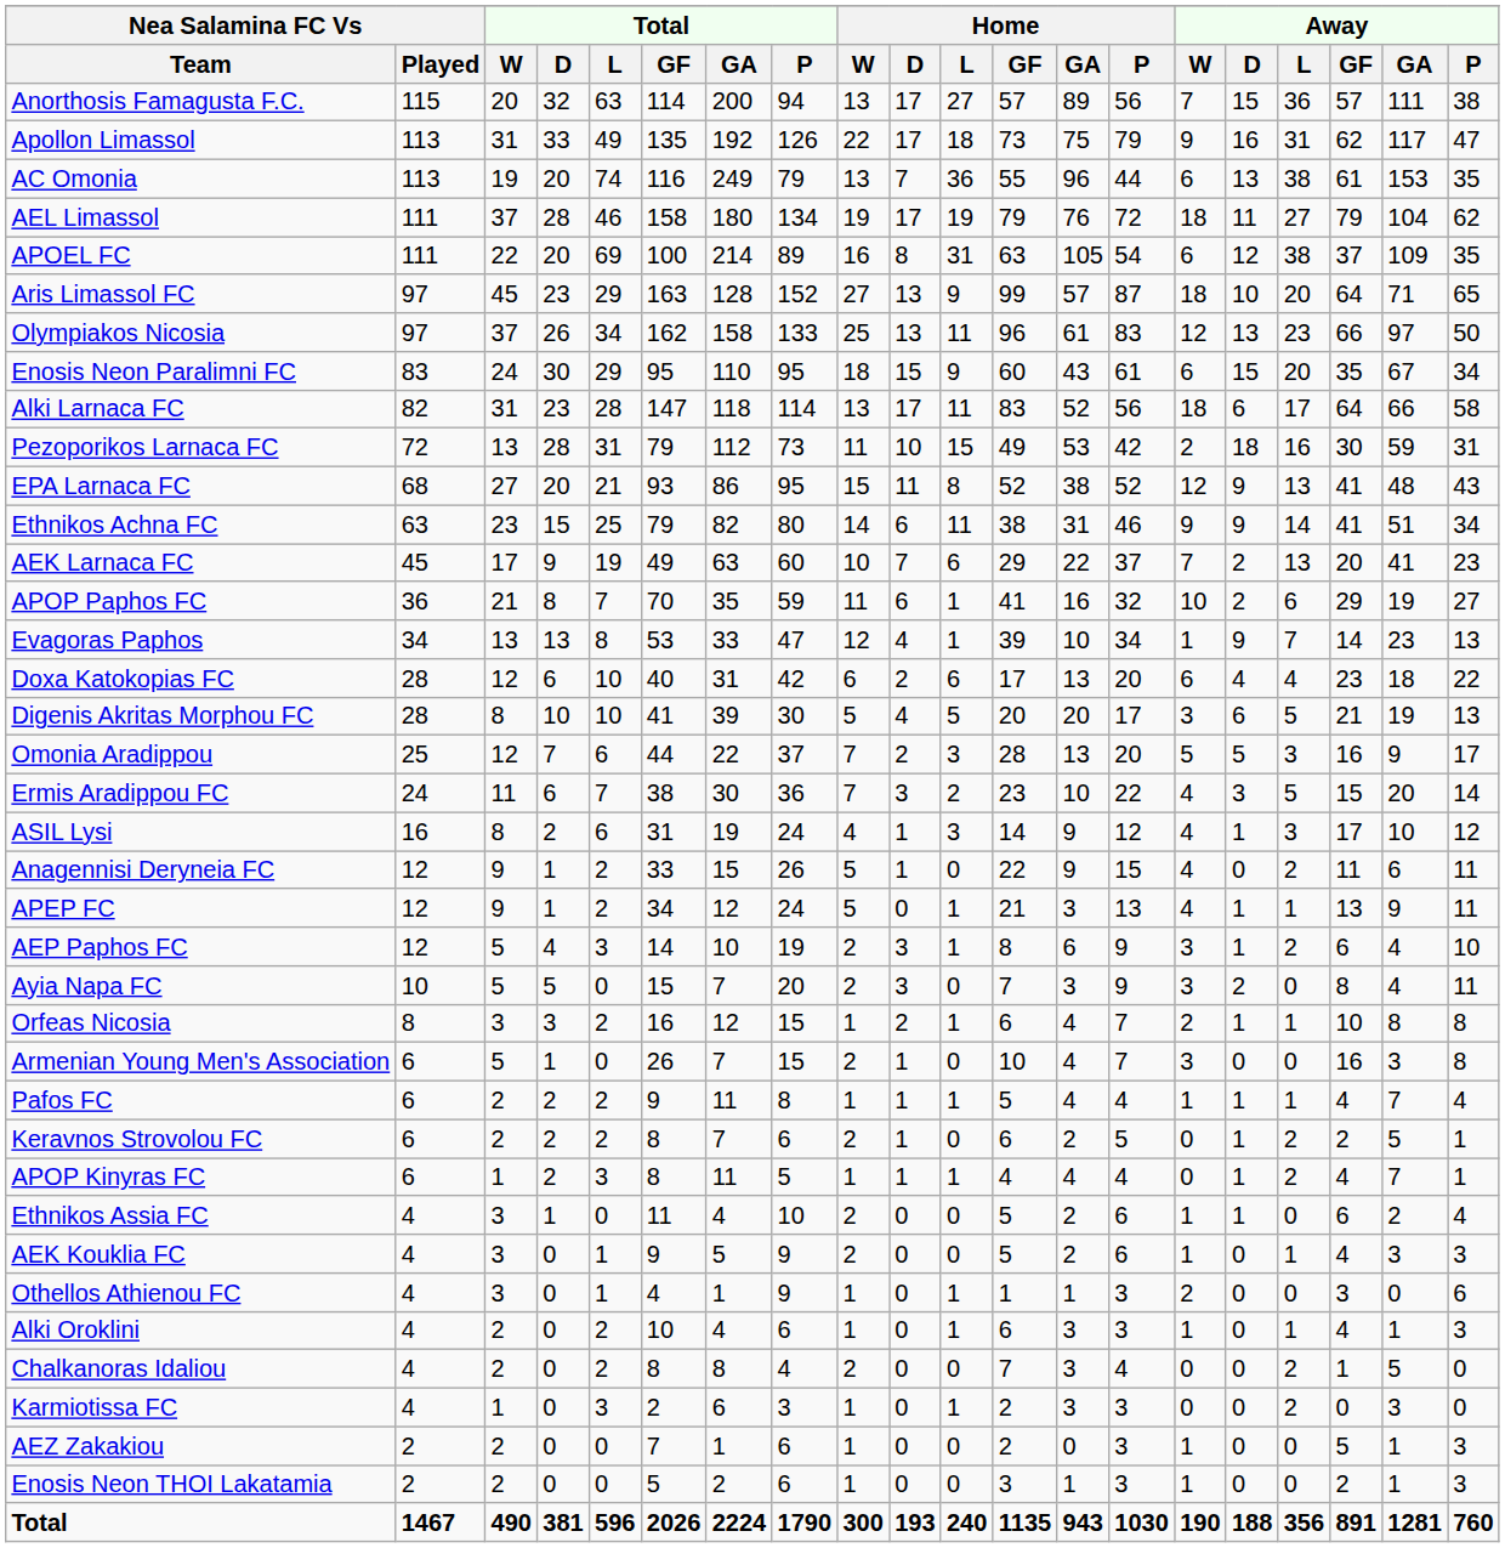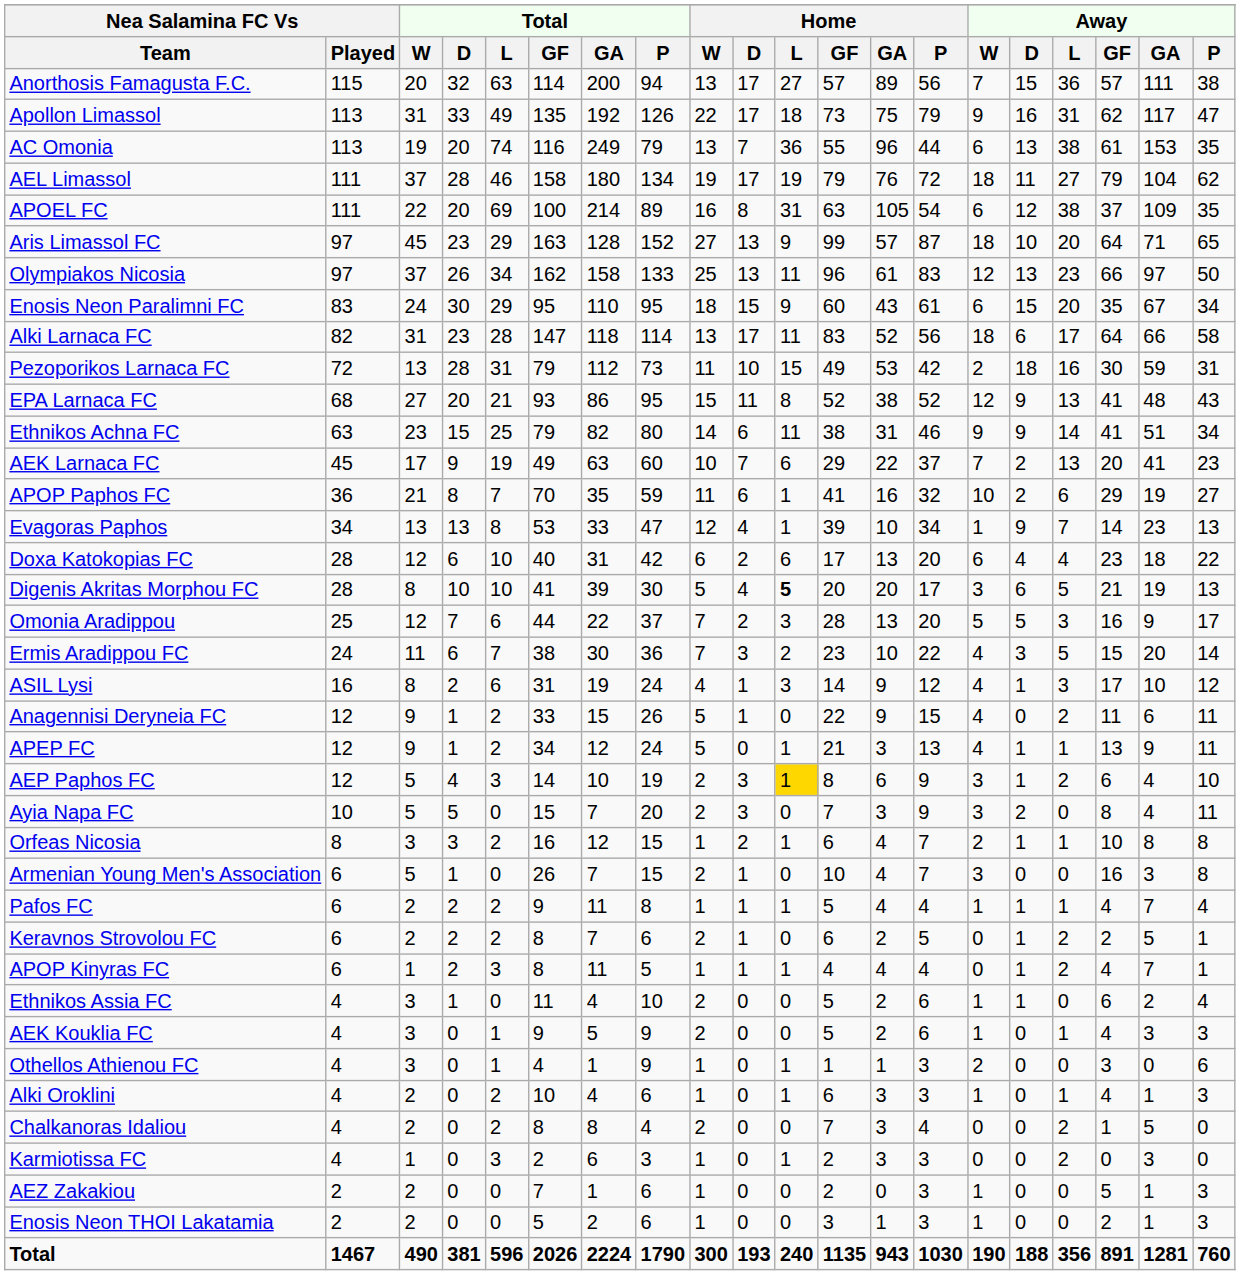 <table class="wikitable sortable" style="font-size:90%">
 <tr bgcolour=#afafaf;>
 </tr>
 <tr>
 <th colspan=2><strong>Nea Salamina FC</strong> Vs</th>
 <th style="background:#f0fff0" colspan=6>Total</th>
 <th colspan=6>Home</th>
 <th style="background:#f0fff0" colspan=6>Away</th>
 </tr>
 <tr>
 <th>Team</th>
 <th>Played</th>
 <th><span>W</span></th>
 <th><span>D</span></th>
 <th><span>L</span></th>
 <th><span>GF</span></th>
 <th><span>GA</span></th>
 <th><span>P</span></th>
 <th><span>W</span></th>
 <th><span>D</span></th>
 <th><span>L</span></th>
 <th><span>GF</span></th>
 <th><span>GA</span></th>
 <th><span>P</span></th>
 <th><span>W</span></th>
 <th><span>D</span></th>
 <th><span>L</span></th>
 <th><span>GF</span></th>
 <th><span>GA</span></th>
 <th><span>P</span></th>
 </tr>
 <tr>
 <td><a href='#'>Anorthosis Famagusta F.C.</a></td>
 <td>115</td>
 <td>20</td>
 <td>32</td>
 <td>63</td>
 <td>114</td>
 <td>200</td>
 <td>94</td>
 <td>13</td>
 <td>17</td>
 <td>27</td>
 <td>57</td>
 <td>89</td>
 <td>56</td>
 <td>7</td>
 <td>15</td>
 <td>36</td>
 <td>57</td>
 <td>111</td>
 <td>38</td>
 </tr>
 <tr>
 <td><a href='#'>Apollon Limassol</a></td>
 <td>113</td>
 <td>31</td>
 <td>33</td>
 <td>49</td>
 <td>135</td>
 <td>192</td>
 <td>126</td>
 <td>22</td>
 <td>17</td>
 <td>18</td>
 <td>73</td>
 <td>75</td>
 <td>79</td>
 <td>9</td>
 <td>16</td>
 <td>31</td>
 <td>62</td>
 <td>117</td>
 <td>47</td>
 </tr>
 <tr>
 <td><a href='#'>AC Omonia</a></td>
 <td>113</td>
 <td>19</td>
 <td>20</td>
 <td>74</td>
 <td>116</td>
 <td>249</td>
 <td>79</td>
 <td>13</td>
 <td>7</td>
 <td>36</td>
 <td>55</td>
 <td>96</td>
 <td>44</td>
 <td>6</td>
 <td>13</td>
 <td>38</td>
 <td>61</td>
 <td>153</td>
 <td>35</td>
 </tr>
 <tr>
 <td><a href='#'>AEL Limassol</a></td>
 <td>111</td>
 <td>37</td>
 <td>28</td>
 <td>46</td>
 <td>158</td>
 <td>180</td>
 <td>134</td>
 <td>19</td>
 <td>17</td>
 <td>19</td>
 <td>79</td>
 <td>76</td>
 <td>72</td>
 <td>18</td>
 <td>11</td>
 <td>27</td>
 <td>79</td>
 <td>104</td>
 <td>62</td>
 </tr>
 <tr>
 <td><a href='#'>APOEL FC</a></td>
 <td>111</td>
 <td>22</td>
 <td>20</td>
 <td>69</td>
 <td>100</td>
 <td>214</td>
 <td>89</td>
 <td>16</td>
 <td>8</td>
 <td>31</td>
 <td>63</td>
 <td>105</td>
 <td>54</td>
 <td>6</td>
 <td>12</td>
 <td>38</td>
 <td>37</td>
 <td>109</td>
 <td>35</td>
 </tr>
 <tr>
 <td><a href='#'>Aris Limassol FC</a></td>
 <td>97</td>
 <td>45</td>
 <td>23</td>
 <td>29</td>
 <td>163</td>
 <td>128</td>
 <td>152</td>
 <td>27</td>
 <td>13</td>
 <td>9</td>
 <td>99</td>
 <td>57</td>
 <td>87</td>
 <td>18</td>
 <td>10</td>
 <td>20</td>
 <td>64</td>
 <td>71</td>
 <td>65</td>
 </tr>
 <tr>
 <td><a href='#'>Olympiakos Nicosia</a></td>
 <td>97</td>
 <td>37</td>
 <td>26</td>
 <td>34</td>
 <td>162</td>
 <td>158</td>
 <td>133</td>
 <td>25</td>
 <td>13</td>
 <td>11</td>
 <td>96</td>
 <td>61</td>
 <td>83</td>
 <td>12</td>
 <td>13</td>
 <td>23</td>
 <td>66</td>
 <td>97</td>
 <td>50</td>
 </tr>
 <tr>
 <td><a href='#'>Enosis Neon Paralimni FC</a></td>
 <td>83</td>
 <td>24</td>
 <td>30</td>
 <td>29</td>
 <td>95</td>
 <td>110</td>
 <td>95</td>
 <td>18</td>
 <td>15</td>
 <td>9</td>
 <td>60</td>
 <td>43</td>
 <td>61</td>
 <td>6</td>
 <td>15</td>
 <td>20</td>
 <td>35</td>
 <td>67</td>
 <td>34</td>
 </tr>
 <tr>
 <td><a href='#'>Alki Larnaca FC</a></td>
 <td>82</td>
 <td>31</td>
 <td>23</td>
 <td>28</td>
 <td>147</td>
 <td>118</td>
 <td>114</td>
 <td>13</td>
 <td>17</td>
 <td>11</td>
 <td>83</td>
 <td>52</td>
 <td>56</td>
 <td>18</td>
 <td>6</td>
 <td>17</td>
 <td>64</td>
 <td>66</td>
 <td>58</td>
 </tr>
 <tr>
 <td><a href='#'>Pezoporikos Larnaca FC</a></td>
 <td>72</td>
 <td>13</td>
 <td>28</td>
 <td>31</td>
 <td>79</td>
 <td>112</td>
 <td>73</td>
 <td>11</td>
 <td>10</td>
 <td>15</td>
 <td>49</td>
 <td>53</td>
 <td>42</td>
 <td>2</td>
 <td>18</td>
 <td>16</td>
 <td>30</td>
 <td>59</td>
 <td>31</td>
 </tr>
 <tr>
 <td><a href='#'>EPA Larnaca FC</a></td>
 <td>68</td>
 <td>27</td>
 <td>20</td>
 <td>21</td>
 <td>93</td>
 <td>86</td>
 <td>95</td>
 <td>15</td>
 <td>11</td>
 <td>8</td>
 <td>52</td>
 <td>38</td>
 <td>52</td>
 <td>12</td>
 <td>9</td>
 <td>13</td>
 <td>41</td>
 <td>48</td>
 <td>43</td>
 </tr>
 <tr>
 <td><a href='#'>Ethnikos Achna FC</a></td>
 <td>63</td>
 <td>23</td>
 <td>15</td>
 <td>25</td>
 <td>79</td>
 <td>82</td>
 <td>80</td>
 <td>14</td>
 <td>6</td>
 <td>11</td>
 <td>38</td>
 <td>31</td>
 <td>46</td>
 <td>9</td>
 <td>9</td>
 <td>14</td>
 <td>41</td>
 <td>51</td>
 <td>34</td>
 </tr>
 <tr>
 <td><a href='#'>AEK Larnaca FC</a></td>
 <td>45</td>
 <td>17</td>
 <td>9</td>
 <td>19</td>
 <td>49</td>
 <td>63</td>
 <td>60</td>
 <td>10</td>
 <td>7</td>
 <td>6</td>
 <td>29</td>
 <td>22</td>
 <td>37</td>
 <td>7</td>
 <td>2</td>
 <td>13</td>
 <td>20</td>
 <td>41</td>
 <td>23</td>
 </tr>
 <tr>
 <td><a href='#'>APOP Paphos FC</a></td>
 <td>36</td>
 <td>21</td>
 <td>8</td>
 <td>7</td>
 <td>70</td>
 <td>35</td>
 <td>59</td>
 <td>11</td>
 <td>6</td>
 <td>1</td>
 <td>41</td>
 <td>16</td>
 <td>32</td>
 <td>10</td>
 <td>2</td>
 <td>6</td>
 <td>29</td>
 <td>19</td>
 <td>27</td>
 </tr>
 <tr>
 <td><a href='#'>Evagoras Paphos</a></td>
 <td>34</td>
 <td>13</td>
 <td>13</td>
 <td>8</td>
 <td>53</td>
 <td>33</td>
 <td>47</td>
 <td>12</td>
 <td>4</td>
 <td>1</td>
 <td>39</td>
 <td>10</td>
 <td>34</td>
 <td>1</td>
 <td>9</td>
 <td>7</td>
 <td>14</td>
 <td>23</td>
 <td>13</td>
 </tr>
 <tr>
 <td><a href='#'>Doxa Katokopias FC</a></td>
 <td>28</td>
 <td>12</td>
 <td>6</td>
 <td>10</td>
 <td>40</td>
 <td>31</td>
 <td>42</td>
 <td>6</td>
 <td>2</td>
 <td>6</td>
 <td>17</td>
 <td>13</td>
 <td>20</td>
 <td>6</td>
 <td>4</td>
 <td>4</td>
 <td>23</td>
 <td>18</td>
 <td>22</td>
 </tr>
 <tr>
 <td><a href='#'>Digenis Akritas Morphou FC</a></td>
 <td>28</td>
 <td>8</td>
 <td>10</td>
 <td>10</td>
 <td>41</td>
 <td>39</td>
 <td>30</td>
 <td>5</td>
 <td>4</td>
-<td>5</td>
+<td><strong>5</strong></td>
 <td>20</td>
 <td>20</td>
 <td>17</td>
 <td>3</td>
 <td>6</td>
 <td>5</td>
 <td>21</td>
 <td>19</td>
 <td>13</td>
 </tr>
 <tr>
 <td><a href='#'>Omonia Aradippou</a></td>
 <td>25</td>
 <td>12</td>
 <td>7</td>
 <td>6</td>
 <td>44</td>
 <td>22</td>
 <td>37</td>
 <td>7</td>
 <td>2</td>
 <td>3</td>
 <td>28</td>
 <td>13</td>
 <td>20</td>
 <td>5</td>
 <td>5</td>
 <td>3</td>
 <td>16</td>
 <td>9</td>
 <td>17</td>
 </tr>
 <tr>
 <td><a href='#'>Ermis Aradippou FC</a></td>
 <td>24</td>
 <td>11</td>
 <td>6</td>
 <td>7</td>
 <td>38</td>
 <td>30</td>
 <td>36</td>
 <td>7</td>
 <td>3</td>
 <td>2</td>
 <td>23</td>
 <td>10</td>
 <td>22</td>
 <td>4</td>
 <td>3</td>
 <td>5</td>
 <td>15</td>
 <td>20</td>
 <td>14</td>
 </tr>
 <tr>
 <td><a href='#'>ASIL Lysi</a></td>
 <td>16</td>
 <td>8</td>
 <td>2</td>
 <td>6</td>
 <td>31</td>
 <td>19</td>
 <td>24</td>
 <td>4</td>
 <td>1</td>
 <td>3</td>
 <td>14</td>
 <td>9</td>
 <td>12</td>
 <td>4</td>
 <td>1</td>
 <td>3</td>
 <td>17</td>
 <td>10</td>
 <td>12</td>
 </tr>
 <tr>
 <td><a href='#'>Anagennisi Deryneia FC</a></td>
 <td>12</td>
 <td>9</td>
 <td>1</td>
 <td>2</td>
 <td>33</td>
 <td>15</td>
 <td>26</td>
 <td>5</td>
 <td>1</td>
 <td>0</td>
 <td>22</td>
 <td>9</td>
 <td>15</td>
 <td>4</td>
 <td>0</td>
 <td>2</td>
 <td>11</td>
 <td>6</td>
 <td>11</td>
 </tr>
 <tr>
 <td><a href='#'>APEP FC</a></td>
 <td>12</td>
 <td>9</td>
 <td>1</td>
 <td>2</td>
 <td>34</td>
 <td>12</td>
 <td>24</td>
 <td>5</td>
 <td>0</td>
 <td>1</td>
 <td>21</td>
 <td>3</td>
 <td>13</td>
 <td>4</td>
 <td>1</td>
 <td>1</td>
 <td>13</td>
 <td>9</td>
 <td>11</td>
 </tr>
 <tr>
 <td><a href='#'>AEP Paphos FC</a></td>
 <td>12</td>
 <td>5</td>
 <td>4</td>
 <td>3</td>
 <td>14</td>
 <td>10</td>
 <td>19</td>
 <td>2</td>
 <td>3</td>
-<td>1</td>
+<td style="background: gold;">1</td>
 <td>8</td>
 <td>6</td>
 <td>9</td>
 <td>3</td>
 <td>1</td>
 <td>2</td>
 <td>6</td>
 <td>4</td>
 <td>10</td>
 </tr>
 <tr>
 <td><a href='#'>Ayia Napa FC</a></td>
 <td>10</td>
 <td>5</td>
 <td>5</td>
 <td>0</td>
 <td>15</td>
 <td>7</td>
 <td>20</td>
 <td>2</td>
 <td>3</td>
 <td>0</td>
 <td>7</td>
 <td>3</td>
 <td>9</td>
 <td>3</td>
 <td>2</td>
 <td>0</td>
 <td>8</td>
 <td>4</td>
 <td>11</td>
 </tr>
 <tr>
 <td><a href='#'>Orfeas Nicosia</a></td>
 <td>8</td>
 <td>3</td>
 <td>3</td>
 <td>2</td>
 <td>16</td>
 <td>12</td>
 <td>15</td>
 <td>1</td>
 <td>2</td>
 <td>1</td>
 <td>6</td>
 <td>4</td>
 <td>7</td>
 <td>2</td>
 <td>1</td>
 <td>1</td>
 <td>10</td>
 <td>8</td>
 <td>8</td>
 </tr>
 <tr>
 <td><a href='#'>Armenian Young Men's Association</a></td>
 <td>6</td>
 <td>5</td>
 <td>1</td>
 <td>0</td>
 <td>26</td>
 <td>7</td>
 <td>15</td>
 <td>2</td>
 <td>1</td>
 <td>0</td>
 <td>10</td>
 <td>4</td>
 <td>7</td>
 <td>3</td>
 <td>0</td>
 <td>0</td>
 <td>16</td>
 <td>3</td>
 <td>8</td>
 </tr>
 <tr>
 <td><a href='#'>Pafos FC</a></td>
 <td>6</td>
 <td>2</td>
 <td>2</td>
 <td>2</td>
 <td>9</td>
 <td>11</td>
 <td>8</td>
 <td>1</td>
 <td>1</td>
 <td>1</td>
 <td>5</td>
 <td>4</td>
 <td>4</td>
 <td>1</td>
 <td>1</td>
 <td>1</td>
 <td>4</td>
 <td>7</td>
 <td>4</td>
 </tr>
 <tr>
 <td><a href='#'>Keravnos Strovolou FC</a></td>
 <td>6</td>
 <td>2</td>
 <td>2</td>
 <td>2</td>
 <td>8</td>
 <td>7</td>
 <td>6</td>
 <td>2</td>
 <td>1</td>
 <td>0</td>
 <td>6</td>
 <td>2</td>
 <td>5</td>
 <td>0</td>
 <td>1</td>
 <td>2</td>
 <td>2</td>
 <td>5</td>
 <td>1</td>
 </tr>
 <tr>
 <td><a href='#'>APOP Kinyras FC</a></td>
 <td>6</td>
 <td>1</td>
 <td>2</td>
 <td>3</td>
 <td>8</td>
 <td>11</td>
 <td>5</td>
 <td>1</td>
 <td>1</td>
 <td>1</td>
 <td>4</td>
 <td>4</td>
 <td>4</td>
 <td>0</td>
 <td>1</td>
 <td>2</td>
 <td>4</td>
 <td>7</td>
 <td>1</td>
 </tr>
 <tr>
 <td><a href='#'>Ethnikos Assia FC</a></td>
 <td>4</td>
 <td>3</td>
 <td>1</td>
 <td>0</td>
 <td>11</td>
 <td>4</td>
 <td>10</td>
 <td>2</td>
 <td>0</td>
 <td>0</td>
 <td>5</td>
 <td>2</td>
 <td>6</td>
 <td>1</td>
 <td>1</td>
 <td>0</td>
 <td>6</td>
 <td>2</td>
 <td>4</td>
 </tr>
 <tr>
 <td><a href='#'>AEK Kouklia FC</a></td>
 <td>4</td>
 <td>3</td>
 <td>0</td>
 <td>1</td>
 <td>9</td>
 <td>5</td>
 <td>9</td>
 <td>2</td>
 <td>0</td>
 <td>0</td>
 <td>5</td>
 <td>2</td>
 <td>6</td>
 <td>1</td>
 <td>0</td>
 <td>1</td>
 <td>4</td>
 <td>3</td>
 <td>3</td>
 </tr>
 <tr>
 <td><a href='#'>Othellos Athienou FC</a></td>
 <td>4</td>
 <td>3</td>
 <td>0</td>
 <td>1</td>
 <td>4</td>
 <td>1</td>
 <td>9</td>
 <td>1</td>
 <td>0</td>
 <td>1</td>
 <td>1</td>
 <td>1</td>
 <td>3</td>
 <td>2</td>
 <td>0</td>
 <td>0</td>
 <td>3</td>
 <td>0</td>
 <td>6</td>
 </tr>
 <tr>
 <td><a href='#'>Alki Oroklini</a></td>
 <td>4</td>
 <td>2</td>
 <td>0</td>
 <td>2</td>
 <td>10</td>
 <td>4</td>
 <td>6</td>
 <td>1</td>
 <td>0</td>
 <td>1</td>
 <td>6</td>
 <td>3</td>
 <td>3</td>
 <td>1</td>
 <td>0</td>
 <td>1</td>
 <td>4</td>
 <td>1</td>
 <td>3</td>
 </tr>
 <tr>
 <td><a href='#'>Chalkanoras Idaliou</a></td>
 <td>4</td>
 <td>2</td>
 <td>0</td>
 <td>2</td>
 <td>8</td>
 <td>8</td>
 <td>4</td>
 <td>2</td>
 <td>0</td>
 <td>0</td>
 <td>7</td>
 <td>3</td>
 <td>4</td>
 <td>0</td>
 <td>0</td>
 <td>2</td>
 <td>1</td>
 <td>5</td>
 <td>0</td>
 </tr>
 <tr>
 <td><a href='#'>Karmiotissa FC</a></td>
 <td>4</td>
 <td>1</td>
 <td>0</td>
 <td>3</td>
 <td>2</td>
 <td>6</td>
 <td>3</td>
 <td>1</td>
 <td>0</td>
 <td>1</td>
 <td>2</td>
 <td>3</td>
 <td>3</td>
 <td>0</td>
 <td>0</td>
 <td>2</td>
 <td>0</td>
 <td>3</td>
 <td>0</td>
 </tr>
 <tr>
 <td><a href='#'>AEZ Zakakiou</a></td>
 <td>2</td>
 <td>2</td>
 <td>0</td>
 <td>0</td>
 <td>7</td>
 <td>1</td>
 <td>6</td>
 <td>1</td>
 <td>0</td>
 <td>0</td>
 <td>2</td>
 <td>0</td>
 <td>3</td>
 <td>1</td>
 <td>0</td>
 <td>0</td>
 <td>5</td>
 <td>1</td>
 <td>3</td>
 </tr>
 <tr>
 <td><a href='#'>Enosis Neon THOI Lakatamia</a></td>
 <td>2</td>
 <td>2</td>
 <td>0</td>
 <td>0</td>
 <td>5</td>
 <td>2</td>
 <td>6</td>
 <td>1</td>
 <td>0</td>
 <td>0</td>
 <td>3</td>
 <td>1</td>
 <td>3</td>
 <td>1</td>
 <td>0</td>
 <td>0</td>
 <td>2</td>
 <td>1</td>
 <td>3</td>
 </tr>
 <tr>
 <td><strong>Total</strong></td>
 <td><strong>1467</strong></td>
 <td><strong>490</strong></td>
 <td><strong>381</strong></td>
 <td><strong>596</strong></td>
 <td><strong>2026</strong></td>
 <td><strong>2224</strong></td>
 <td><strong>1790</strong></td>
 <td><strong>300</strong></td>
 <td><strong>193</strong></td>
 <td><strong>240</strong></td>
 <td><strong>1135</strong></td>
 <td><strong>943</strong></td>
 <td><strong>1030</strong></td>
 <td><strong>190</strong></td>
 <td><strong>188</strong></td>
 <td><strong>356</strong></td>
 <td><strong>891</strong></td>
 <td><strong>1281</strong></td>
 <td><strong>760</strong></td>
 </tr>
 </table>
